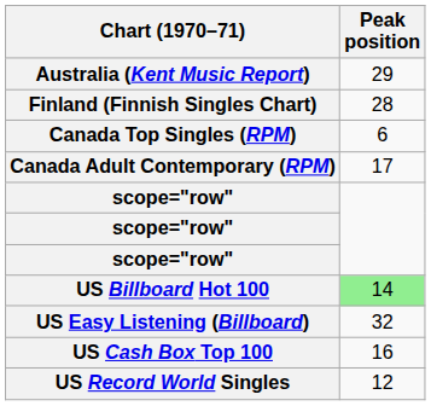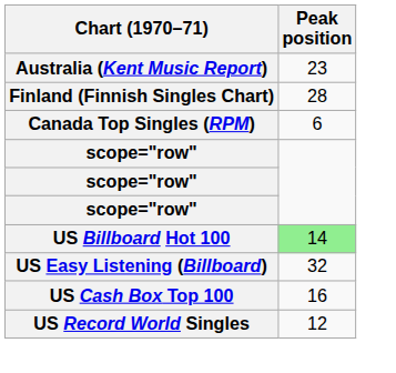 <table class="wikitable sortable plainrowheaders" style="text-align:center;">
 <tr>
 <th scope="col">Chart (1970–71)</th>
 <th scope="col">Peak<br>position</th>
 </tr>
 <tr>
 <th scope="row">Australia (<em><a href='#'>Kent Music Report</a></em>)</th>
-<td align="center">29</td>
+<td align="center">23</td>
 </tr>
 <tr>
 <th scope="row">Finland (Finnish Singles Chart)</th>
 <td align="center">28</td>
 </tr>
 <tr>
 <th scope="row">Canada Top Singles (<em><a href='#'>RPM</a></em>)</th>
 <td align="center">6</td>
-</tr>
-<tr>
-<th scope="row">Canada Adult Contemporary (<em><a href='#'>RPM</a></em>)</th>
-<td align="center">17</td>
 </tr>
 <tr>
 <th>scope="row"</th>
 </tr>
 <tr>
 <th>scope="row"</th>
 </tr>
 <tr>
 <th>scope="row"</th>
 </tr>
 <tr>
 <th scope="row">US <em><a href='#'>Billboard</a></em> <a href='#'>Hot 100</a></th>
 <td align="center" style="background: lightgreen;">14</td>
 </tr>
 <tr>
 <th scope="row">US <a href='#'>Easy Listening</a> (<em><a href='#'>Billboard</a></em>)</th>
 <td align="center">32</td>
 </tr>
 <tr>
 <th scope="row">US <a href='#'><em>Cash Box</em> Top 100</a></th>
 <td align="center">16</td>
 </tr>
 <tr>
 <th scope="row">US <em><a href='#'>Record World</a></em> Singles</th>
 <td align="center">12</td>
 </tr>
 </table>
